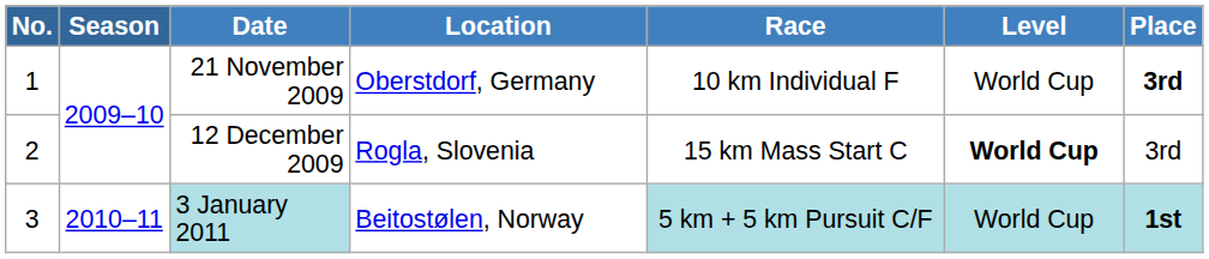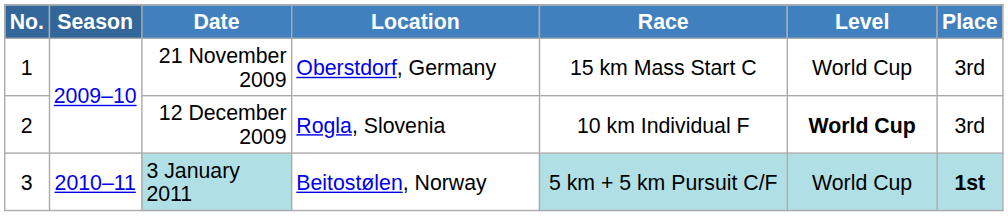 <table class="wikitable sortable" style="font-size:95%; text-align:center; border:grey solid 1px; border-collapse:collapse; background:#ffffff;">
 <tr style="background:#efefef;">
 <th style="background-color:#369; color:white;">No.</th>
 <th style="background-color:#369; color:white;">Season</th>
 <th style="background-color:#4180be; color:white; width:100px;">Date</th>
 <th style="background-color:#4180be; color:white; width:170px;">Location</th>
 <th style="background-color:#4180be; color:white; width:170px;">Race</th>
 <th style="background-color:#4180be; color:white; width:100px;">Level</th>
 <th style="background-color:#4180be; color:white;">Place</th>
 </tr>
 <tr>
 <td align=center>1</td>
 <td rowspan=2 align=center><a href='#'>2009–10</a></td>
 <td align=right>21 November 2009</td>
 <td align=left> <a href='#'>Oberstdorf</a>, Germany</td>
-<td>10 km Individual F</td>
+<td>15 km Mass Start C</td>
 <td>World Cup</td>
-<td><strong>3rd</strong></td>
+<td>3rd</td>
 </tr>
 <tr>
 <td align=center>2</td>
 <td align=right>12 December 2009</td>
 <td align=left> <a href='#'>Rogla</a>, Slovenia</td>
-<td>15 km Mass Start C</td>
+<td>10 km Individual F</td>
 <td><strong>World Cup</strong></td>
 <td>3rd</td>
 </tr>
 <tr>
 <td align=center>3</td>
 <td><a href='#'>2010–11</a></td>
 <td align=left bgcolor="#BOEOE6" align=right>3 January 2011</td>
 <td align=left> <a href='#'>Beitostølen</a>, Norway</td>
 <td bgcolor="#BOEOE6" align=center>5 km + 5 km Pursuit C/F</td>
 <td bgcolor="#BOEOE6">World Cup</td>
 <td bgcolor="#BOEOE6"><strong>1st</strong></td>
 </tr>
 </table>
